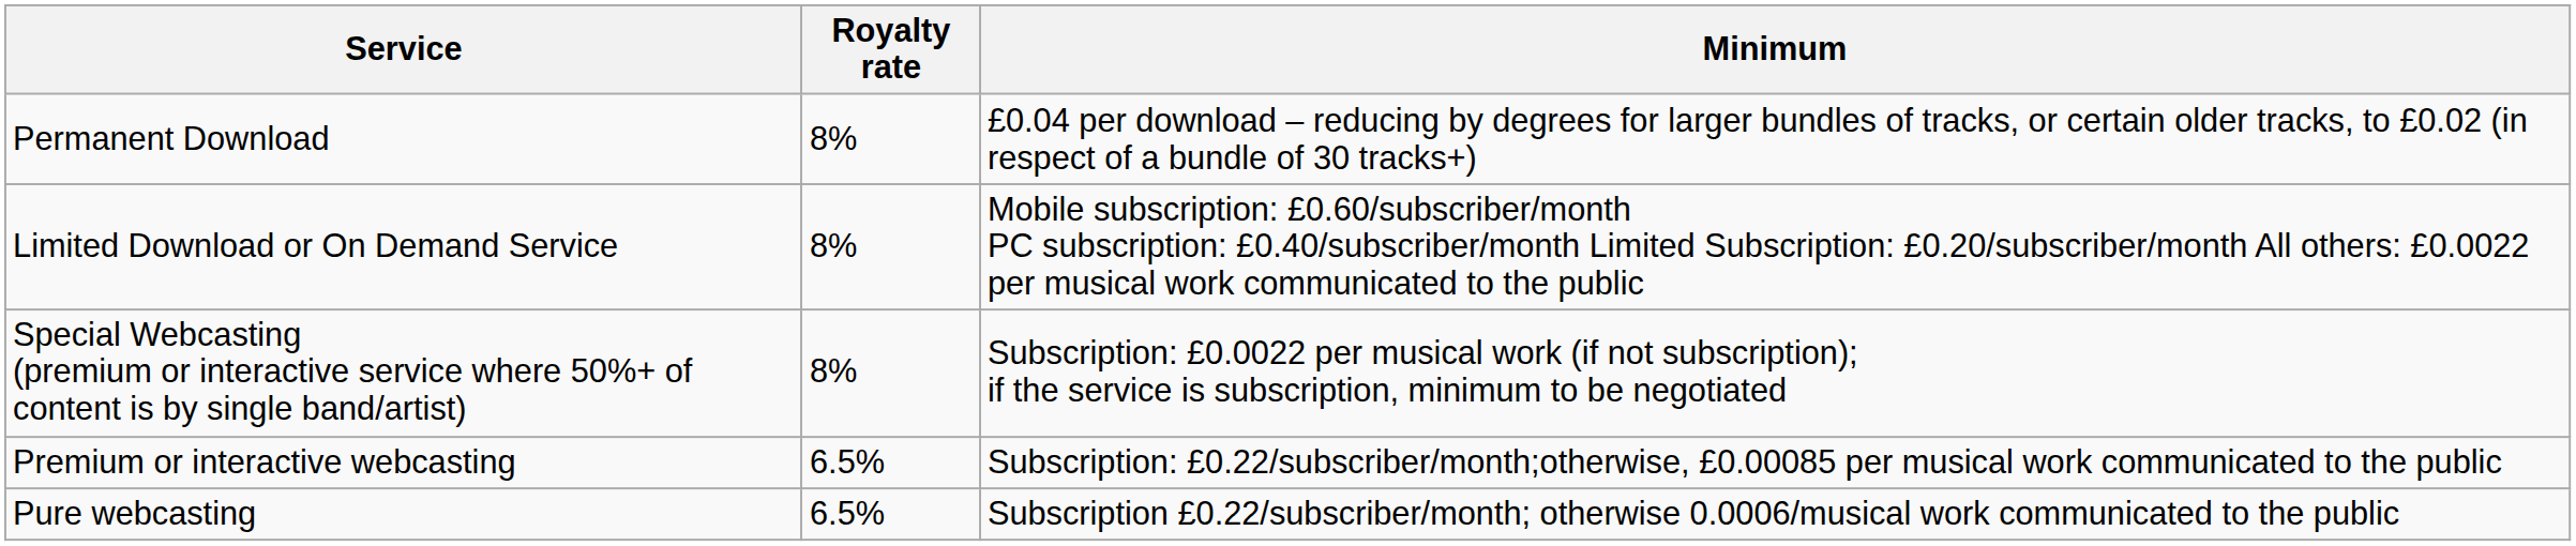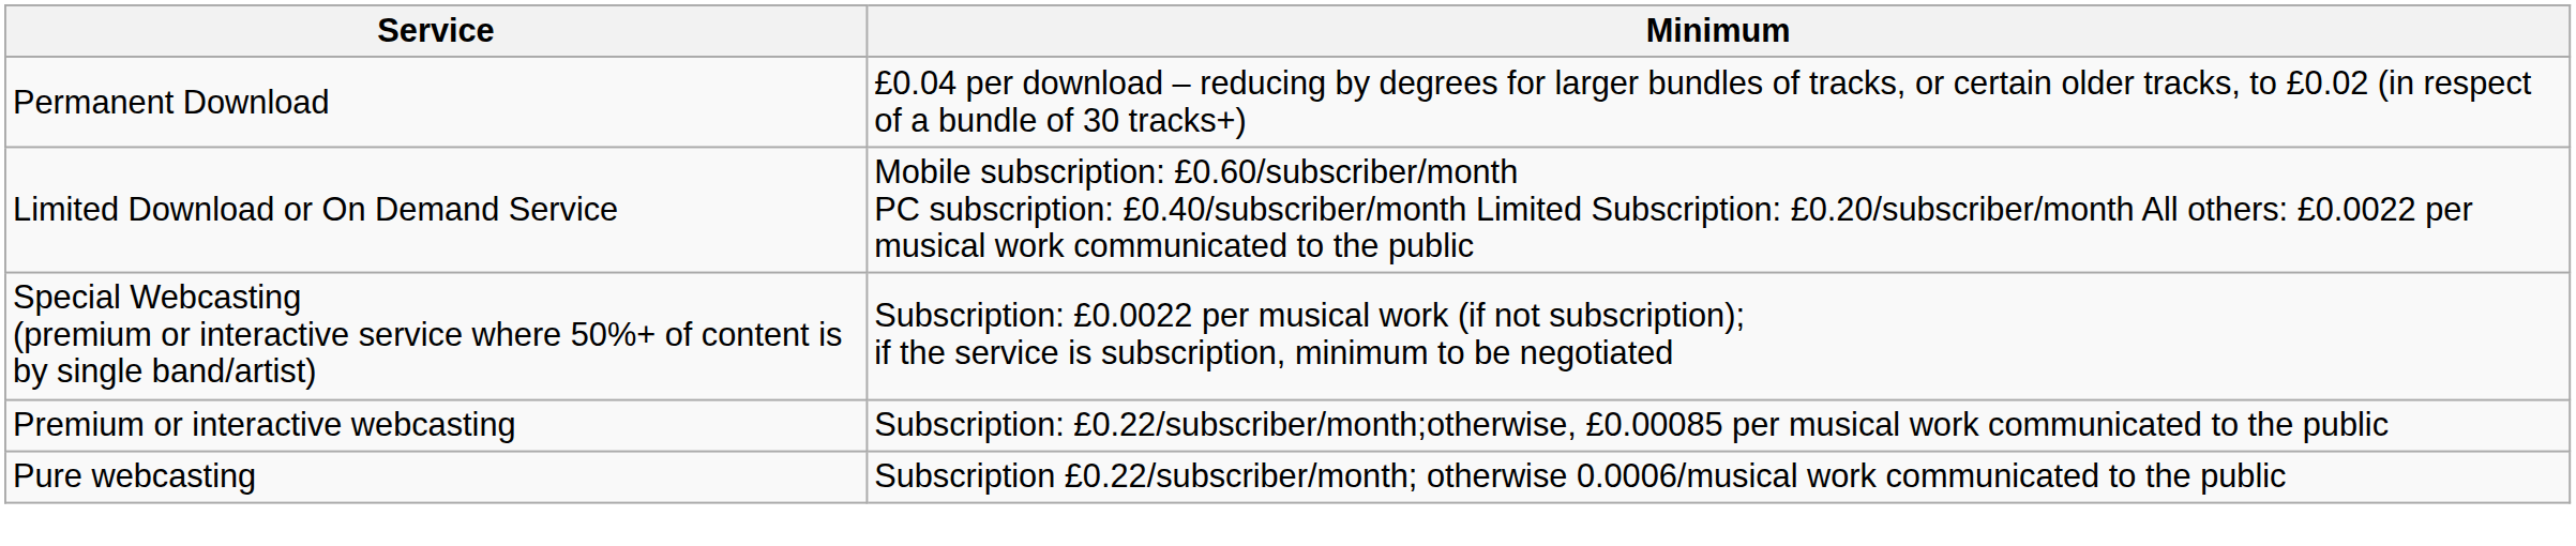 <table class="wikitable">
 <tr>
 <th>Service</th>
-<th>Royalty rate</th>
 <th>Minimum</th>
 </tr>
 <tr>
 <td>Permanent Download</td>
-<td>8%</td>
 <td>£0.04 per download – reducing by degrees for larger bundles of tracks, or certain older tracks, to £0.02 (in respect of a bundle of 30 tracks+)</td>
 </tr>
 <tr>
 <td>Limited Download or On Demand Service</td>
-<td>8%</td>
 <td>Mobile subscription: £0.60/subscriber/month<br>PC subscription: £0.40/subscriber/month Limited Subscription: £0.20/subscriber/month All others: £0.0022 per musical work communicated to the public</td>
 </tr>
 <tr>
 <td>Special Webcasting<br>(premium or interactive service where 50%+ of content is by single band/artist)</td>
-<td>8%</td>
 <td>Subscription: £0.0022 per musical work (if not subscription);<br>if the service is subscription, minimum to be negotiated</td>
 </tr>
 <tr>
 <td>Premium or interactive webcasting</td>
-<td>6.5%</td>
 <td>Subscription: £0.22/subscriber/month;otherwise, £0.00085 per musical work communicated to the public</td>
 </tr>
 <tr>
 <td>Pure webcasting</td>
-<td>6.5%</td>
 <td>Subscription £0.22/subscriber/month; otherwise 0.0006/musical work communicated to the public</td>
 </tr>
 </table>
